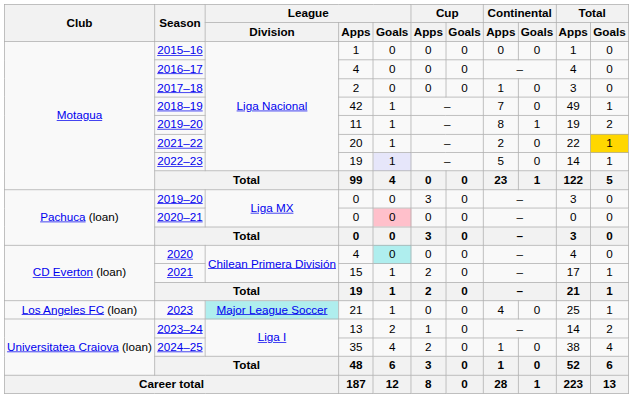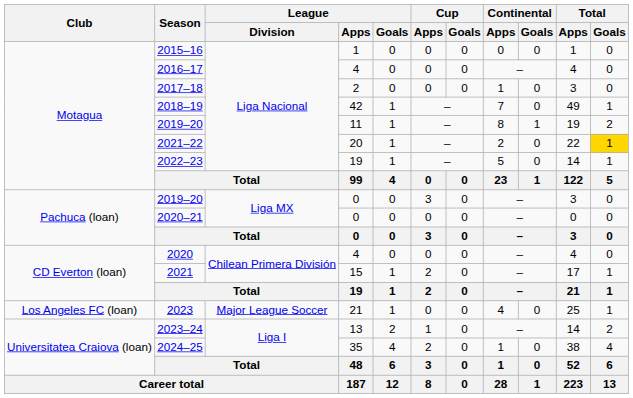 <table class="wikitable" style="text-align:center">
 <tr>
 <th rowspan="2">Club</th>
 <th rowspan="2">Season</th>
 <th colspan="3">League</th>
 <th colspan="2">Cup</th>
 <th colspan="2">Continental</th>
 <th colspan="2">Total</th>
 </tr>
 <tr>
 <th>Division</th>
 <th>Apps</th>
 <th>Goals</th>
 <th>Apps</th>
 <th>Goals</th>
 <th>Apps</th>
 <th>Goals</th>
 <th>Apps</th>
 <th>Goals</th>
 </tr>
 <tr>
 <td rowspan="8"><a href='#'>Motagua</a></td>
 <td><a href='#'>2015–16</a></td>
 <td rowspan="7"><a href='#'>Liga Nacional</a></td>
 <td>1</td>
 <td>0</td>
 <td>0</td>
 <td>0</td>
 <td>0</td>
 <td>0</td>
 <td>1</td>
 <td>0</td>
 </tr>
 <tr>
 <td><a href='#'>2016–17</a></td>
 <td>4</td>
 <td>0</td>
 <td>0</td>
 <td>0</td>
 <td colspan="2">–</td>
 <td>4</td>
 <td>0</td>
 </tr>
 <tr>
 <td><a href='#'>2017–18</a></td>
 <td>2</td>
 <td>0</td>
 <td>0</td>
 <td>0</td>
 <td>1</td>
 <td>0</td>
 <td>3</td>
 <td>0</td>
 </tr>
 <tr>
 <td><a href='#'>2018–19</a></td>
 <td>42</td>
 <td>1</td>
 <td colspan="2">–</td>
 <td>7</td>
 <td>0</td>
 <td>49</td>
 <td>1</td>
 </tr>
 <tr>
 <td><a href='#'>2019–20</a></td>
 <td>11</td>
 <td>1</td>
 <td colspan="2">–</td>
 <td>8</td>
 <td>1</td>
 <td>19</td>
 <td>2</td>
 </tr>
 <tr>
 <td><a href='#'>2021–22</a></td>
 <td>20</td>
 <td>1</td>
 <td colspan="2">–</td>
 <td>2</td>
 <td>0</td>
 <td>22</td>
 <td style="background: gold;">1</td>
 </tr>
 <tr>
 <td><a href='#'>2022–23</a></td>
 <td>19</td>
-<td style="background: lavender;">1</td>
+<td>1</td>
 <td colspan="2">–</td>
 <td>5</td>
 <td>0</td>
 <td>14</td>
 <td>1</td>
 </tr>
 <tr>
 <th colspan="2">Total</th>
 <th>99</th>
 <th>4</th>
 <th>0</th>
 <th>0</th>
 <th>23</th>
 <th>1</th>
 <th>122</th>
 <th>5</th>
 </tr>
 <tr>
 <td rowspan="3"><a href='#'>Pachuca</a> (loan)</td>
 <td><a href='#'>2019–20</a></td>
 <td rowspan="2"><a href='#'>Liga MX</a></td>
 <td>0</td>
 <td>0</td>
 <td>3</td>
 <td>0</td>
 <td colspan="2">–</td>
 <td>3</td>
 <td>0</td>
 </tr>
 <tr>
 <td><a href='#'>2020–21</a></td>
 <td>0</td>
-<td style="background: pink;">0</td>
+<td>0</td>
 <td>0</td>
 <td>0</td>
 <td colspan="2">–</td>
 <td>0</td>
 <td>0</td>
 </tr>
 <tr>
 <th colspan="2">Total</th>
 <th>0</th>
 <th>0</th>
 <th>3</th>
 <th>0</th>
 <th colspan="2">–</th>
 <th>3</th>
 <th>0</th>
 </tr>
 <tr>
 <td rowspan="3"><a href='#'>CD Everton</a> (loan)</td>
 <td><a href='#'>2020</a></td>
 <td rowspan="2"><a href='#'>Chilean Primera División</a></td>
 <td>4</td>
-<td style="background: paleturquoise;">0</td>
+<td>0</td>
 <td>0</td>
 <td>0</td>
 <td colspan="2">–</td>
 <td>4</td>
 <td>0</td>
 </tr>
 <tr>
 <td><a href='#'>2021</a></td>
 <td>15</td>
 <td>1</td>
 <td>2</td>
 <td>0</td>
 <td colspan="2">–</td>
 <td>17</td>
 <td>1</td>
 </tr>
 <tr>
 <th colspan="2">Total</th>
 <th>19</th>
 <th>1</th>
 <th>2</th>
 <th>0</th>
 <th colspan="2">–</th>
 <th>21</th>
 <th>1</th>
 </tr>
 <tr>
 <td rowspan="1"><a href='#'>Los Angeles FC</a> (loan)</td>
 <td><a href='#'>2023</a></td>
-<td rowspan="1" style="background: paleturquoise;"><a href='#'>Major League Soccer</a></td>
+<td rowspan="1"><a href='#'>Major League Soccer</a></td>
 <td>21</td>
 <td>1</td>
 <td>0</td>
 <td>0</td>
 <td>4</td>
 <td>0</td>
 <td>25</td>
 <td>1</td>
 </tr>
 <tr>
 <td rowspan="3"><a href='#'>Universitatea Craiova</a> (loan)</td>
 <td><a href='#'>2023–24</a></td>
 <td rowspan="2"><a href='#'>Liga I</a></td>
 <td>13</td>
 <td>2</td>
 <td>1</td>
 <td>0</td>
 <td colspan="2">–</td>
 <td>14</td>
 <td>2</td>
 </tr>
 <tr>
 <td><a href='#'>2024–25</a></td>
 <td>35</td>
 <td>4</td>
 <td>2</td>
 <td>0</td>
 <td>1</td>
 <td>0</td>
 <td>38</td>
 <td>4</td>
 </tr>
 <tr>
 <th colspan="2">Total</th>
 <th>48</th>
 <th>6</th>
 <th>3</th>
 <th>0</th>
 <th>1</th>
 <th>0</th>
 <th>52</th>
 <th>6</th>
 </tr>
 <tr>
 <th colspan="3">Career total</th>
 <th>187</th>
 <th>12</th>
 <th>8</th>
 <th>0</th>
 <th>28</th>
 <th>1</th>
 <th>223</th>
 <th>13</th>
 </tr>
 </table>
